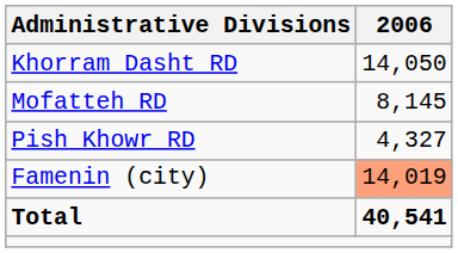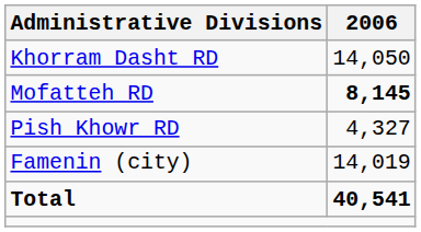 <table class="wikitable">
 <tr>
 <th>Administrative Divisions</th>
 <th>2006</th>
 </tr>
 <tr>
 <td><a href='#'>Khorram Dasht RD</a></td>
 <td style="text-align: right;">14,050</td>
 </tr>
 <tr>
 <td><a href='#'>Mofatteh RD</a></td>
-<td style="text-align: right;">8,145</td>
+<td style="text-align: right;"><strong>8,145</strong></td>
 </tr>
 <tr>
 <td><a href='#'>Pish Khowr RD</a></td>
 <td style="text-align: right;">4,327</td>
 </tr>
 <tr>
 <td><a href='#'>Famenin</a> (city)</td>
-<td style="background: lightsalmon; text-align: right;">14,019</td>
+<td style="text-align: right;">14,019</td>
 </tr>
 <tr>
 <td><strong>Total</strong></td>
 <td style="text-align: right;"><strong>40,541</strong></td>
 </tr>
 <tr>
 <td colspan=4></td>
 </tr>
 </table>
